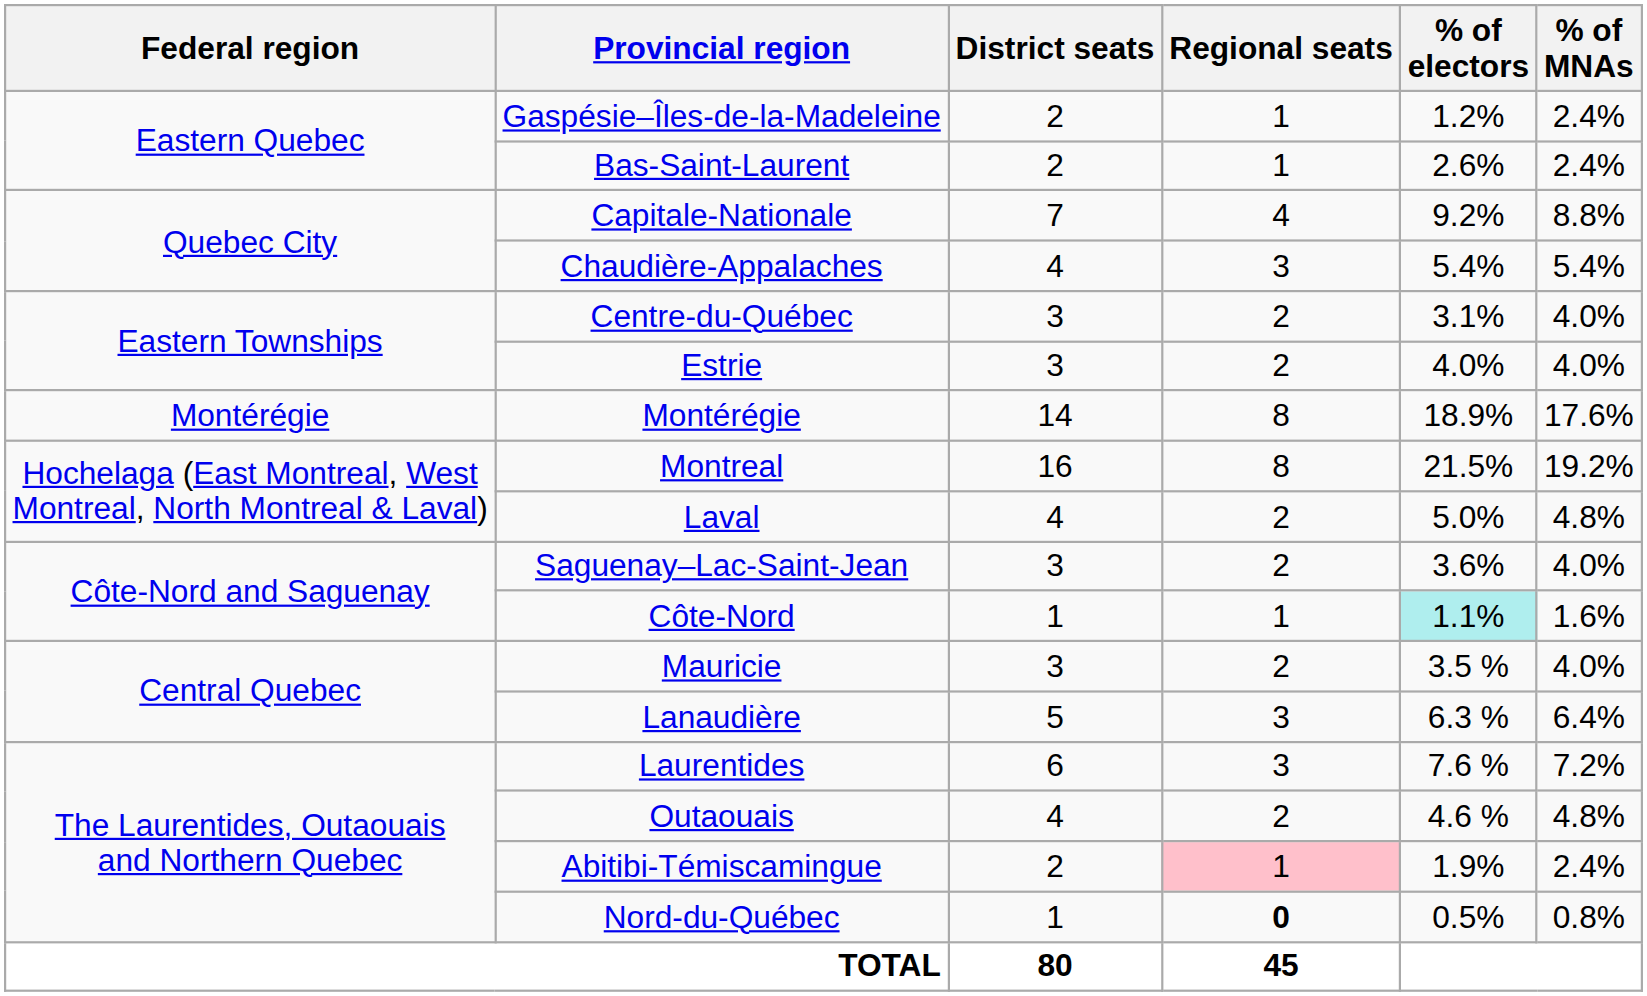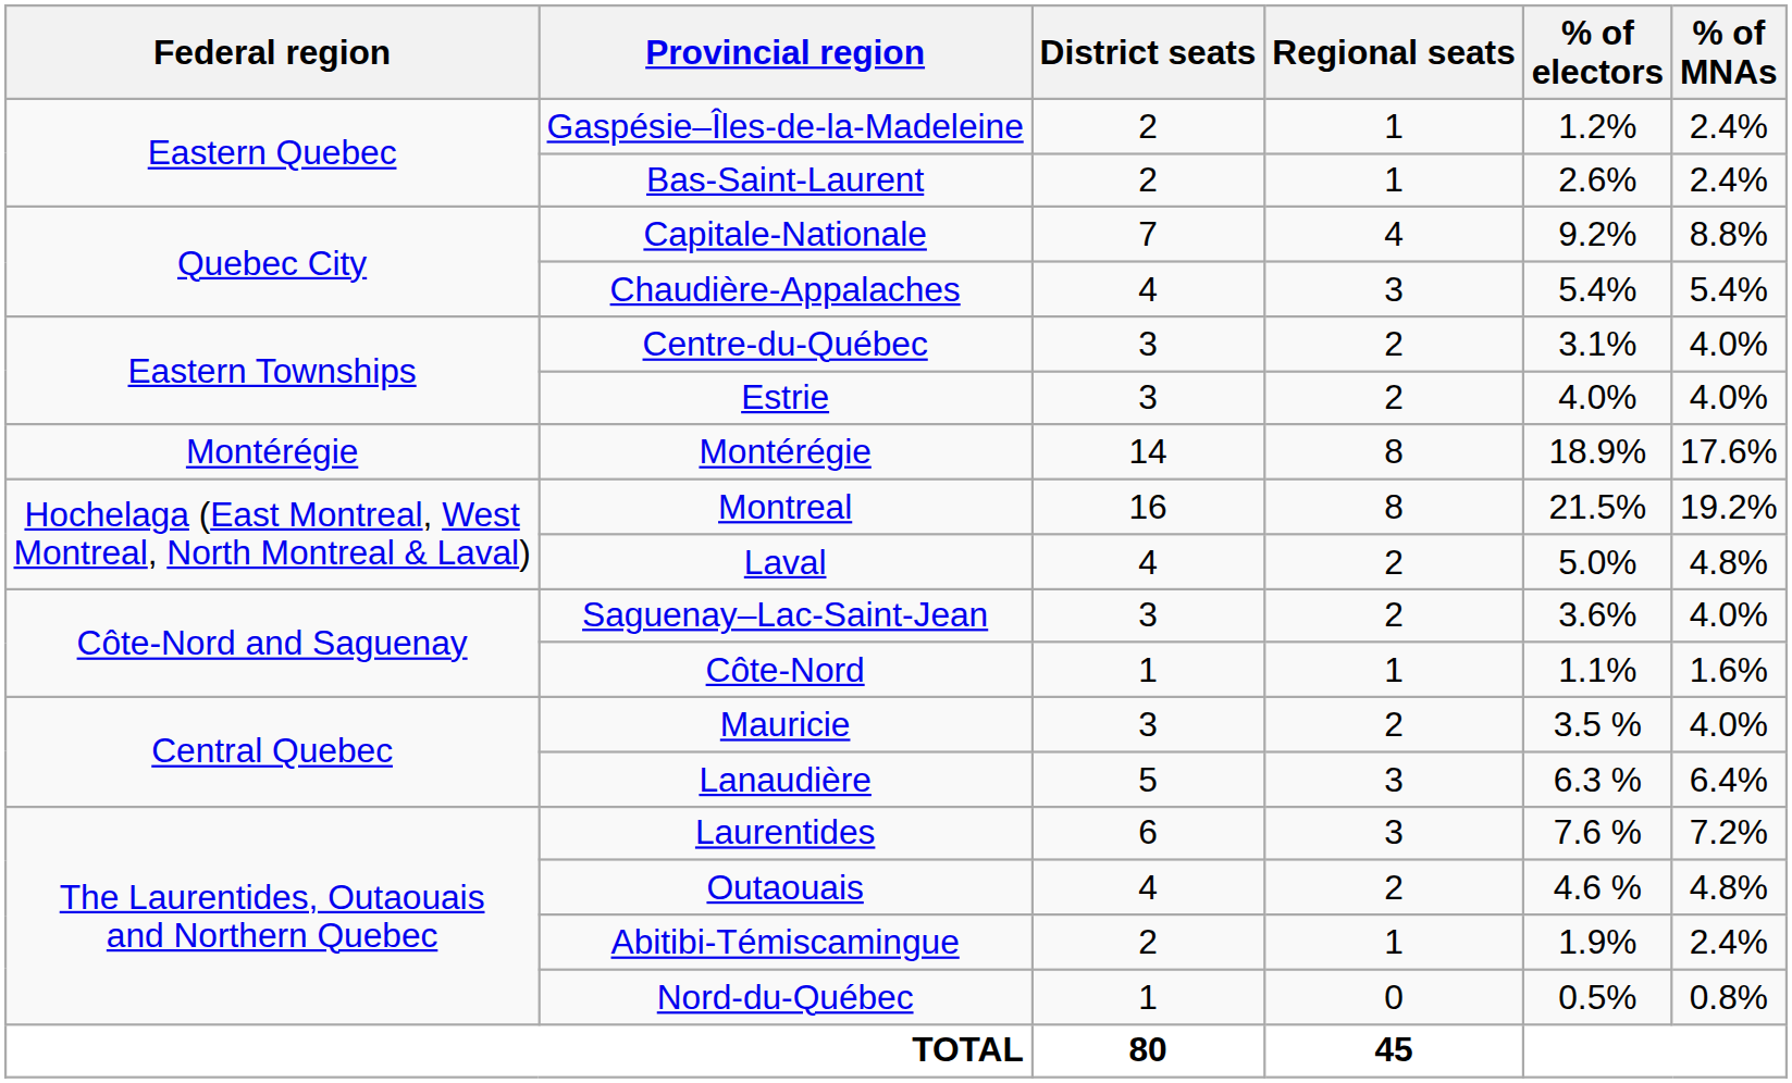 <table class="wikitable sortable mw-collapsible mw-collapsed" style="text-align:center;font-size:90%;">
 <tr>
 <th>Federal region</th>
 <th><a href='#'>Provincial region</a></th>
 <th>District seats</th>
 <th>Regional seats</th>
 <th>% of <br>electors</th>
 <th>% of<br>MNAs</th>
 </tr>
 <tr>
 <td rowspan=2><a href='#'>Eastern Quebec</a></td>
 <td><a href='#'>Gaspésie–Îles-de-la-Madeleine</a></td>
 <td>2</td>
 <td>1</td>
 <td>1.2%</td>
 <td>2.4%</td>
 </tr>
 <tr>
 <td><a href='#'>Bas-Saint-Laurent</a></td>
 <td>2</td>
 <td>1</td>
 <td>2.6%</td>
 <td>2.4%</td>
 </tr>
 <tr>
 <td rowspan=2><a href='#'>Quebec City</a></td>
 <td><a href='#'>Capitale-Nationale</a></td>
 <td>7</td>
 <td>4</td>
 <td>9.2%</td>
 <td>8.8%</td>
 </tr>
 <tr>
 <td><a href='#'>Chaudière-Appalaches</a></td>
 <td>4</td>
 <td>3</td>
 <td>5.4%</td>
 <td>5.4%</td>
 </tr>
 <tr>
 <td rowspan=2><a href='#'>Eastern Townships</a></td>
 <td><a href='#'>Centre-du-Québec</a></td>
 <td>3</td>
 <td>2</td>
 <td>3.1%</td>
 <td>4.0%</td>
 </tr>
 <tr>
 <td><a href='#'>Estrie</a></td>
 <td>3</td>
 <td>2</td>
 <td>4.0%</td>
 <td>4.0%</td>
 </tr>
 <tr>
 <td><a href='#'>Montérégie</a></td>
 <td><a href='#'>Montérégie</a></td>
 <td>14</td>
 <td>8</td>
 <td>18.9%</td>
 <td>17.6%</td>
 </tr>
 <tr>
 <td rowspan=2><a href='#'>Hochelaga</a> (<a href='#'>East Montreal</a>, <a href='#'>West<br>Montreal</a>, <a href='#'>North Montreal & Laval</a>)</td>
 <td><a href='#'>Montreal</a></td>
 <td>16</td>
 <td>8</td>
 <td>21.5%</td>
 <td>19.2%</td>
 </tr>
 <tr>
 <td><a href='#'>Laval</a></td>
 <td>4</td>
 <td>2</td>
 <td>5.0%</td>
 <td>4.8%</td>
 </tr>
 <tr>
 <td rowspan=2><a href='#'>Côte-Nord and Saguenay</a></td>
 <td><a href='#'>Saguenay–Lac-Saint-Jean</a></td>
 <td>3</td>
 <td>2</td>
 <td>3.6%</td>
 <td>4.0%</td>
 </tr>
 <tr>
 <td><a href='#'>Côte-Nord</a></td>
 <td>1</td>
 <td>1</td>
-<td style="background: paleturquoise;">1.1%</td>
+<td>1.1%</td>
 <td>1.6%</td>
 </tr>
 <tr>
 <td rowspan=2><a href='#'>Central Quebec</a></td>
 <td><a href='#'>Mauricie</a></td>
 <td>3</td>
 <td>2</td>
 <td>3.5 %</td>
 <td>4.0%</td>
 </tr>
 <tr>
 <td><a href='#'>Lanaudière</a></td>
 <td>5</td>
 <td>3</td>
 <td>6.3 %</td>
 <td>6.4%</td>
 </tr>
 <tr>
 <td rowspan=4><a href='#'>The Laurentides, Outaouais <br>and Northern Quebec</a></td>
 <td><a href='#'>Laurentides</a></td>
 <td>6</td>
 <td>3</td>
 <td>7.6 %</td>
 <td>7.2%</td>
 </tr>
 <tr>
 <td><a href='#'>Outaouais</a></td>
 <td>4</td>
 <td>2</td>
 <td>4.6 %</td>
 <td>4.8%</td>
 </tr>
 <tr>
 <td><a href='#'>Abitibi-Témiscamingue</a></td>
 <td>2</td>
-<td style="background: pink;">1</td>
+<td>1</td>
 <td>1.9%</td>
 <td>2.4%</td>
 </tr>
 <tr>
 <td><a href='#'>Nord-du-Québec</a></td>
 <td>1</td>
-<td><strong>0</strong></td>
+<td>0</td>
 <td>0.5%</td>
 <td>0.8%</td>
 </tr>
 <tr>
 <td style="text-align:right;background-color:#FFFFFF;" colspan="2"><strong>TOTAL</strong></td>
 <td style="text-align:center;background-color:#FFFFFF;"><strong>80</strong></td>
 <td style="text-align:center;background-color:#FFFFFF;"><strong>45</strong></td>
 <td style="text-align:right;background-color:#FFFFFF;" colspan="2"></td>
 </tr>
 </table>
